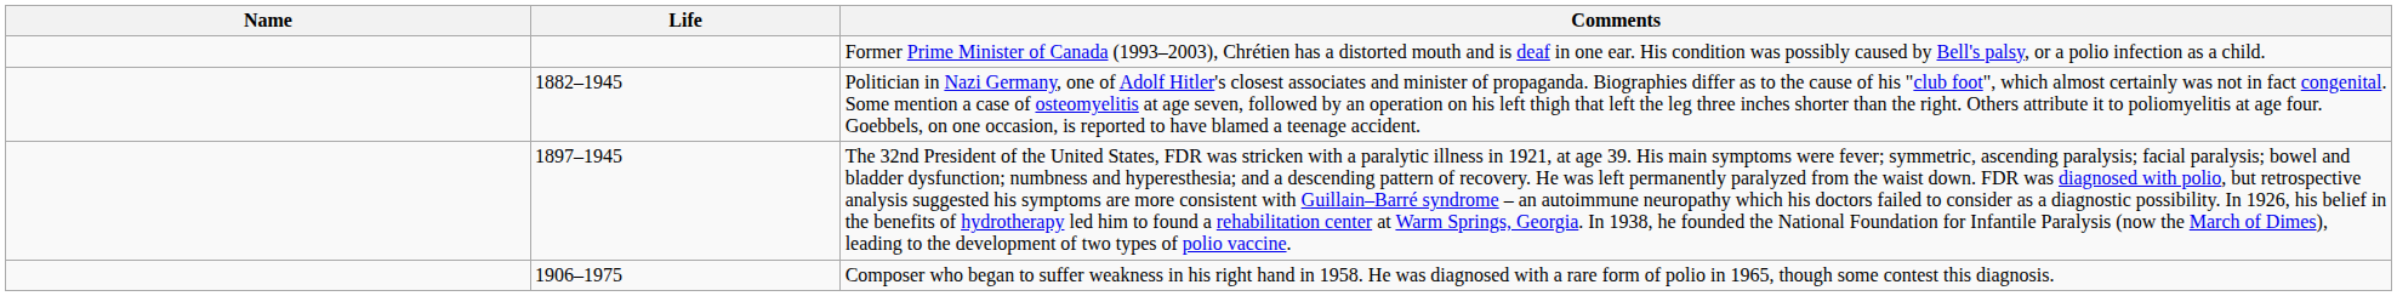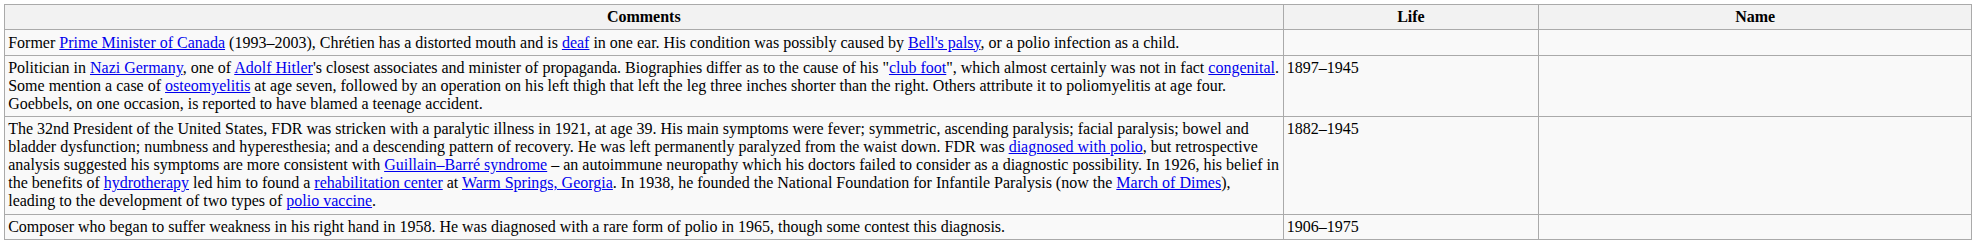 <table class="sortable wikitable">
 <tr>
+<th class="unsortable" width="65%">Comments</th>
+<th width="13%">Life</th>
 <th width="22%">Name</th>
-<th width="13%">Life</th>
-<th class="unsortable" width="65%">Comments</th>
 </tr>
 <tr valign="top">
+<td>Former <a href='#'>Prime Minister of Canada</a> (1993–2003), Chrétien has a distorted mouth and is <a href='#'>deaf</a> in one ear. His condition was possibly caused by <a href='#'>Bell's palsy</a>, or a polio infection as a child.</td>
 <td></td>
 <td></td>
-<td>Former <a href='#'>Prime Minister of Canada</a> (1993–2003), Chrétien has a distorted mouth and is <a href='#'>deaf</a> in one ear. His condition was possibly caused by <a href='#'>Bell's palsy</a>, or a polio infection as a child.</td>
 </tr>
 <tr valign="top">
+<td>Politician in <a href='#'>Nazi Germany</a>, one of <a href='#'>Adolf Hitler</a>'s closest associates and minister of propaganda. Biographies differ as to the cause of his "<a href='#'>club foot</a>", which almost certainly was not in fact <a href='#'>congenital</a>. Some mention a case of <a href='#'>osteomyelitis</a> at age seven, followed by an operation on his left thigh that left the leg three inches shorter than the right. Others attribute it to poliomyelitis at age four. Goebbels, on one occasion, is reported to have blamed a teenage accident.</td>
+<td>1897–1945</td>
 <td></td>
-<td>1882–1945</td>
-<td>Politician in <a href='#'>Nazi Germany</a>, one of <a href='#'>Adolf Hitler</a>'s closest associates and minister of propaganda. Biographies differ as to the cause of his "<a href='#'>club foot</a>", which almost certainly was not in fact <a href='#'>congenital</a>. Some mention a case of <a href='#'>osteomyelitis</a> at age seven, followed by an operation on his left thigh that left the leg three inches shorter than the right. Others attribute it to poliomyelitis at age four. Goebbels, on one occasion, is reported to have blamed a teenage accident.</td>
 </tr>
 <tr valign="top">
+<td>The 32nd President of the United States, FDR was stricken with a paralytic illness in 1921, at age 39. His main symptoms were fever; symmetric, ascending paralysis; facial paralysis; bowel and bladder dysfunction; numbness and hyperesthesia; and a descending pattern of recovery. He was left permanently paralyzed from the waist down. FDR was <a href='#'>diagnosed with polio</a>, but retrospective analysis suggested his symptoms are more consistent with <a href='#'>Guillain–Barré syndrome</a> – an autoimmune neuropathy which his doctors failed to consider as a diagnostic possibility. In 1926, his belief in the benefits of <a href='#'>hydrotherapy</a> led him to found a <a href='#'>rehabilitation center</a> at <a href='#'>Warm Springs, Georgia</a>. In 1938, he founded the National Foundation for Infantile Paralysis (now the <a href='#'>March of Dimes</a>), leading to the development of two types of <a href='#'>polio vaccine</a>.</td>
+<td>1882–1945</td>
 <td></td>
-<td>1897–1945</td>
-<td>The 32nd President of the United States, FDR was stricken with a paralytic illness in 1921, at age 39. His main symptoms were fever; symmetric, ascending paralysis; facial paralysis; bowel and bladder dysfunction; numbness and hyperesthesia; and a descending pattern of recovery. He was left permanently paralyzed from the waist down. FDR was <a href='#'>diagnosed with polio</a>, but retrospective analysis suggested his symptoms are more consistent with <a href='#'>Guillain–Barré syndrome</a> – an autoimmune neuropathy which his doctors failed to consider as a diagnostic possibility. In 1926, his belief in the benefits of <a href='#'>hydrotherapy</a> led him to found a <a href='#'>rehabilitation center</a> at <a href='#'>Warm Springs, Georgia</a>. In 1938, he founded the National Foundation for Infantile Paralysis (now the <a href='#'>March of Dimes</a>), leading to the development of two types of <a href='#'>polio vaccine</a>.</td>
 </tr>
 <tr valign="top">
+<td>Composer who began to suffer weakness in his right hand in 1958. He was diagnosed with a rare form of polio in 1965, though some contest this diagnosis.</td>
+<td>1906–1975</td>
 <td></td>
-<td>1906–1975</td>
-<td>Composer who began to suffer weakness in his right hand in 1958. He was diagnosed with a rare form of polio in 1965, though some contest this diagnosis.</td>
 </tr>
 </table>
